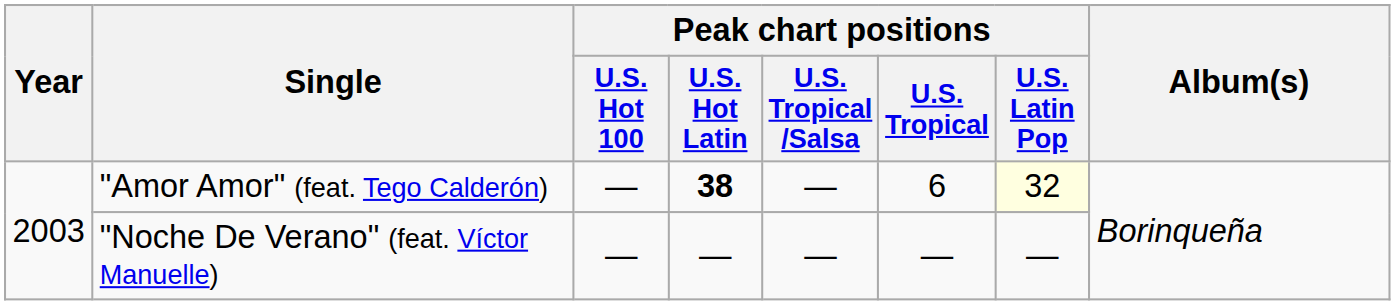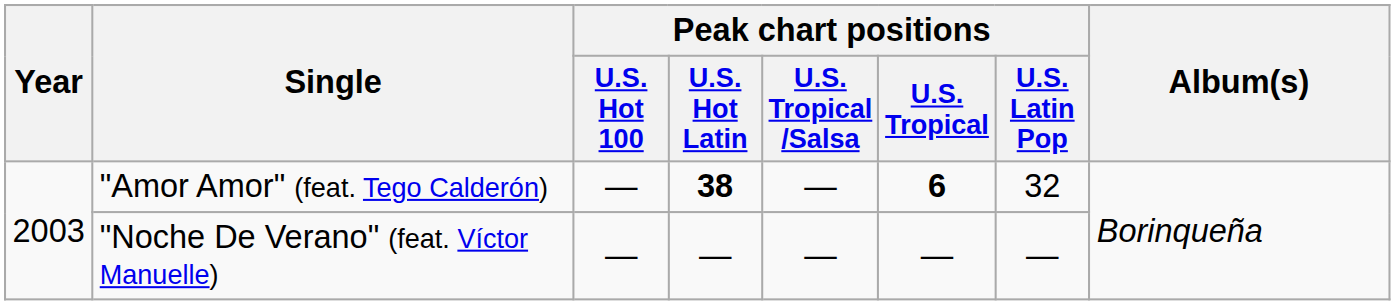 <table class="wikitable">
 <tr>
 <th rowspan="2">Year</th>
 <th style="width:230px;" rowspan="2">Single</th>
 <th colspan="5">Peak chart positions</th>
 <th style="width:140px;" rowspan="2">Album(s)</th>
 </tr>
 <tr style="font-size:smaller;">
 <th width="40"><a href='#'>U.S. Hot 100</a></th>
 <th width="40"><a href='#'>U.S. <br>Hot <br>Latin</a></th>
 <th width="40"><a href='#'>U.S.<br>Tropical<br>/Salsa</a></th>
 <th width="40"><a href='#'>U.S.<br>Tropical</a></th>
 <th width="40"><a href='#'>U.S. Latin Pop</a></th>
 </tr>
 <tr>
 <td style="text-align:center;" rowspan="2">2003</td>
 <td align="left">"Amor Amor" <small>(feat. <a href='#'>Tego Calderón</a>)</small></td>
 <td style="text-align:center;">—</td>
 <td style="text-align:center;"><strong>38</strong></td>
 <td style="text-align:center;">—</td>
-<td style="text-align:center;">6</td>
-<td style="background: lightyellow; text-align:center;">32</td>
+<td style="text-align:center;"><strong>6</strong></td>
+<td style="text-align:center;">32</td>
 <td style="text-align:left;" rowspan="2"><em>Borinqueña</em></td>
 </tr>
 <tr>
 <td align="left">"Noche De Verano" <small>(feat. <a href='#'>Víctor Manuelle</a>)</small></td>
 <td style="text-align:center;">—</td>
 <td style="text-align:center;">—</td>
 <td style="text-align:center;">—</td>
 <td style="text-align:center;">—</td>
 <td style="text-align:center;">—</td>
 </tr>
 </table>
